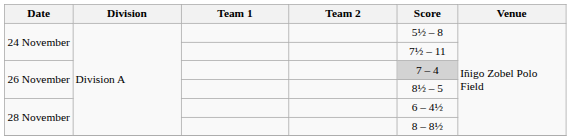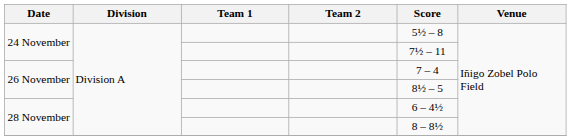 <table class="wikitable" style="font-size: 90%;">
 <tr>
 <th width="80">Date</th>
 <th width="130">Division</th>
 <th width="130">Team 1</th>
 <th width="130">Team 2</th>
 <th width="70">Score</th>
 <th width="130">Venue</th>
 </tr>
 <tr>
 <td align="center" rowspan="2">24 November</td>
 <td rowspan="6">Division A</td>
 <td></td>
 <td><strong></strong></td>
 <td align=center>5½ – 8 <br> </td>
 <td rowspan=6>Iñigo Zobel Polo Field</td>
 </tr>
 <tr>
 <td></td>
 <td><strong></strong></td>
 <td align=center>7½ – 11 <br></td>
 </tr>
 <tr>
 <td align="center" rowspan="2">26 November</td>
 <td><strong></strong></td>
 <td></td>
-<td align=center style="background: lightgrey;">7 – 4 <br> </td>
+<td align=center>7 – 4 <br> </td>
 </tr>
 <tr>
 <td><strong></strong></td>
 <td></td>
 <td align=center>8½ – 5 <br> </td>
 </tr>
 <tr>
 <td align="center" rowspan="2">28 November</td>
 <td><strong></strong></td>
 <td></td>
 <td align=center>6 – 4½ <br> </td>
 </tr>
 <tr>
 <td></td>
 <td><strong></strong></td>
 <td align=center>8 – 8½ <br></td>
 </tr>
 <tr>
 </tr>
 </table>
